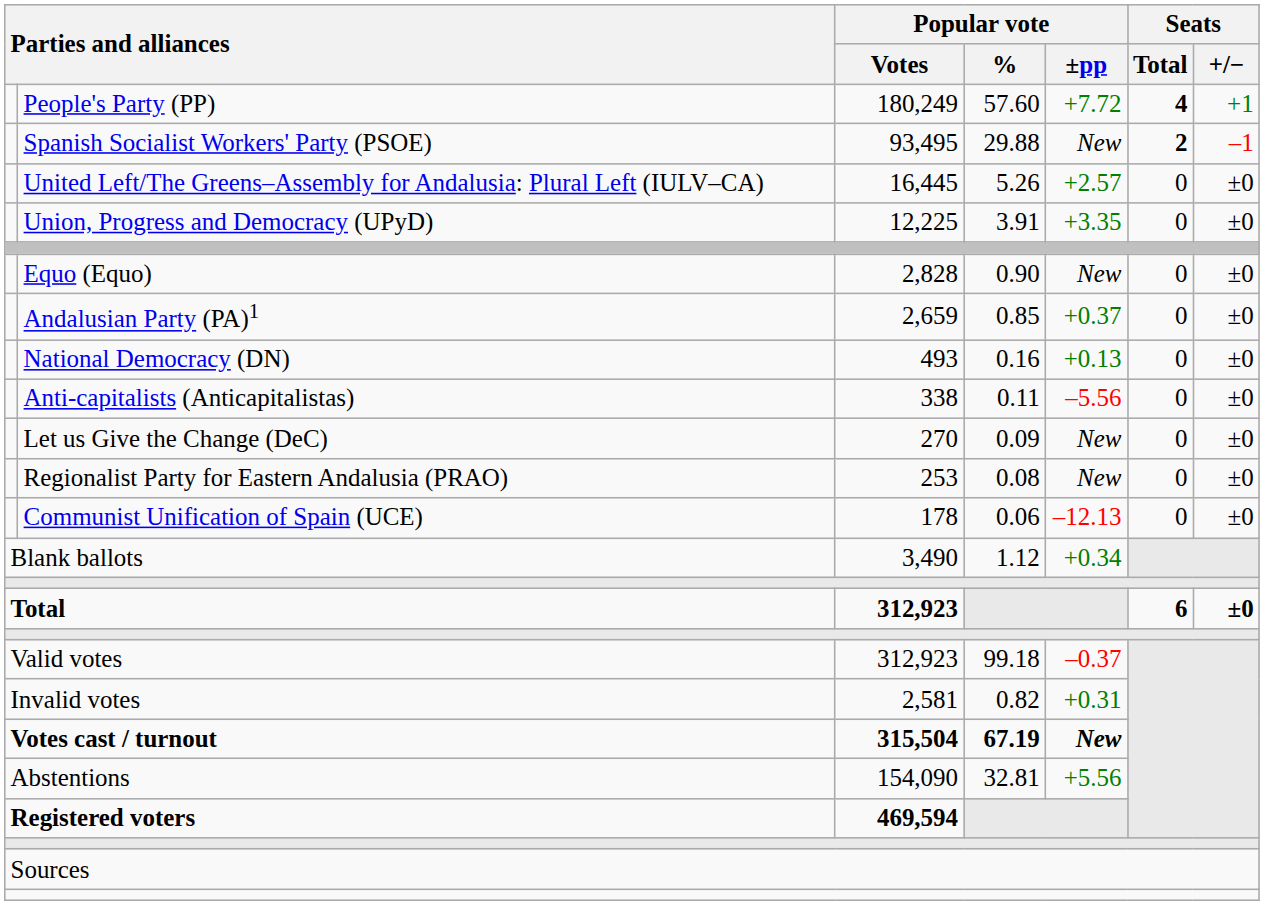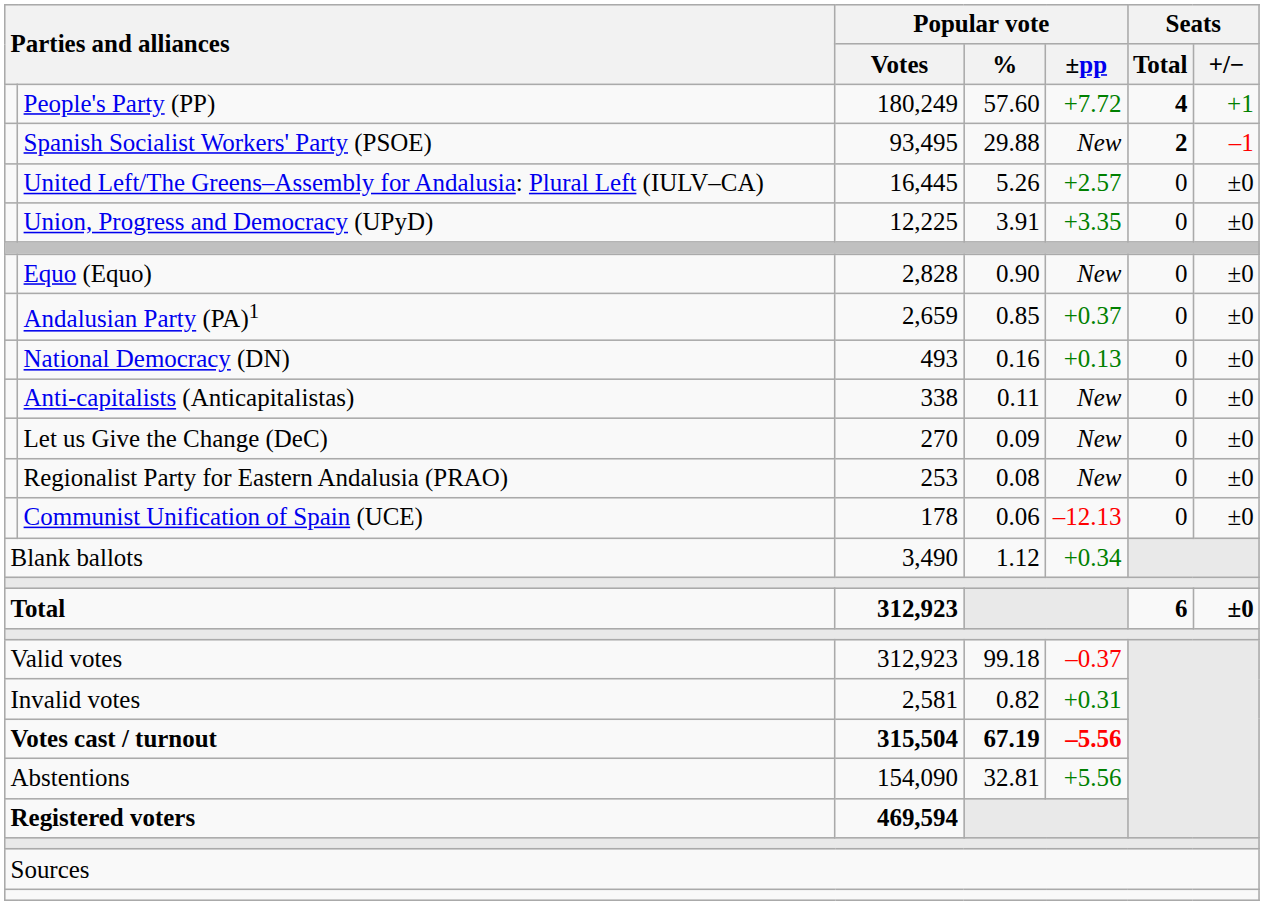 <table class="wikitable" style="text-align:right;">
 <tr>
 <th style="text-align:left;" rowspan="2" colspan="2" width="525">Parties and alliances</th>
 <th colspan="3">Popular vote</th>
 <th colspan="2">Seats</th>
 </tr>
 <tr>
 <th width="75">Votes</th>
 <th width="45">%</th>
 <th width="45">±<a href='#'>pp</a></th>
 <th width="35">Total</th>
 <th width="35">+/−</th>
 </tr>
 <tr>
 <td width="1" style="color:inherit;background:"></td>
 <td align="left"><a href='#'>People's Party</a> (PP)</td>
 <td>180,249</td>
 <td>57.60</td>
 <td style="color:green;">+7.72</td>
 <td><strong>4</strong></td>
 <td style="color:green;">+1</td>
 </tr>
 <tr>
 <td style="color:inherit;background:"></td>
 <td align="left"><a href='#'>Spanish Socialist Workers' Party</a> (PSOE)</td>
 <td>93,495</td>
 <td>29.88</td>
 <td><em>New</em></td>
 <td><strong>2</strong></td>
 <td style="color:red;">–1</td>
 </tr>
 <tr>
 <td style="color:inherit;background:"></td>
 <td align="left"><a href='#'>United Left/The Greens–Assembly for Andalusia</a>: <a href='#'>Plural Left</a> (IULV–CA)</td>
 <td>16,445</td>
 <td>5.26</td>
 <td style="color:green;">+2.57</td>
 <td>0</td>
 <td>±0</td>
 </tr>
 <tr>
 <td style="color:inherit;background:"></td>
 <td align="left"><a href='#'>Union, Progress and Democracy</a> (UPyD)</td>
 <td>12,225</td>
 <td>3.91</td>
 <td style="color:green;">+3.35</td>
 <td>0</td>
 <td>±0</td>
 </tr>
 <tr>
 <td colspan="7" bgcolor="#C0C0C0"></td>
 </tr>
 <tr>
 <td style="color:inherit;background:"></td>
 <td align="left"><a href='#'>Equo</a> (Equo)</td>
 <td>2,828</td>
 <td>0.90</td>
 <td><em>New</em></td>
 <td>0</td>
 <td>±0</td>
 </tr>
 <tr>
 <td style="color:inherit;background:"></td>
 <td align="left"><a href='#'>Andalusian Party</a> (PA)<sup>1</sup></td>
 <td>2,659</td>
 <td>0.85</td>
 <td style="color:green;">+0.37</td>
 <td>0</td>
 <td>±0</td>
 </tr>
 <tr>
 <td style="color:inherit;background:"></td>
 <td align="left"><a href='#'>National Democracy</a> (DN)</td>
 <td>493</td>
 <td>0.16</td>
 <td style="color:green;">+0.13</td>
 <td>0</td>
 <td>±0</td>
 </tr>
 <tr>
 <td style="color:inherit;background:"></td>
 <td align="left"><a href='#'>Anti-capitalists</a> (Anticapitalistas)</td>
 <td>338</td>
 <td>0.11</td>
-<td style="color:red;">–5.56</td>
+<td><em>New</em></td>
 <td>0</td>
 <td>±0</td>
 </tr>
 <tr>
 <td style="color:inherit;background:"></td>
 <td align="left">Let us Give the Change (DeC)</td>
 <td>270</td>
 <td>0.09</td>
 <td><em>New</em></td>
 <td>0</td>
 <td>±0</td>
 </tr>
 <tr>
 <td style="color:inherit;background:"></td>
 <td align="left">Regionalist Party for Eastern Andalusia (PRAO)</td>
 <td>253</td>
 <td>0.08</td>
 <td><em>New</em></td>
 <td>0</td>
 <td>±0</td>
 </tr>
 <tr>
 <td style="color:inherit;background:"></td>
 <td align="left"><a href='#'>Communist Unification of Spain</a> (UCE)</td>
 <td>178</td>
 <td>0.06</td>
 <td style="color:red;">–12.13</td>
 <td>0</td>
 <td>±0</td>
 </tr>
 <tr>
 <td align="left" colspan="2">Blank ballots</td>
 <td>3,490</td>
 <td>1.12</td>
 <td style="color:green;">+0.34</td>
 <td bgcolor="#E9E9E9" colspan="2"></td>
 </tr>
 <tr>
 <td colspan="7" bgcolor="#E9E9E9"></td>
 </tr>
 <tr style="font-weight:bold;">
 <td align="left" colspan="2">Total</td>
 <td>312,923</td>
 <td bgcolor="#E9E9E9" colspan="2"></td>
 <td>6</td>
 <td>±0</td>
 </tr>
 <tr>
 <td colspan="7" bgcolor="#E9E9E9"></td>
 </tr>
 <tr>
 <td align="left" colspan="2">Valid votes</td>
 <td>312,923</td>
 <td>99.18</td>
 <td style="color:red;">–0.37</td>
 <td bgcolor="#E9E9E9" colspan="2" rowspan="5"></td>
 </tr>
 <tr>
 <td align="left" colspan="2">Invalid votes</td>
 <td>2,581</td>
 <td>0.82</td>
 <td style="color:green;">+0.31</td>
 </tr>
 <tr style="font-weight:bold;">
 <td align="left" colspan="2">Votes cast / turnout</td>
 <td>315,504</td>
 <td>67.19</td>
-<td><em>New</em></td>
+<td style="color:red;">–5.56</td>
 </tr>
 <tr>
 <td align="left" colspan="2">Abstentions</td>
 <td>154,090</td>
 <td>32.81</td>
 <td style="color:green;">+5.56</td>
 </tr>
 <tr style="font-weight:bold;">
 <td align="left" colspan="2">Registered voters</td>
 <td>469,594</td>
 <td bgcolor="#E9E9E9" colspan="2"></td>
 </tr>
 <tr>
 <td colspan="7" bgcolor="#E9E9E9"></td>
 </tr>
 <tr>
 <td align="left" colspan="7">Sources</td>
 </tr>
 <tr>
 <td colspan="7" style="text-align:left; max-width:790px;"></td>
 </tr>
 </table>
